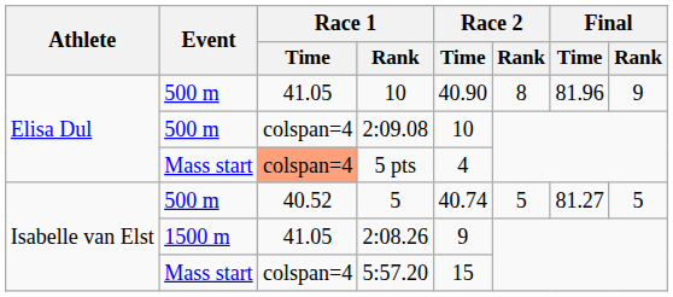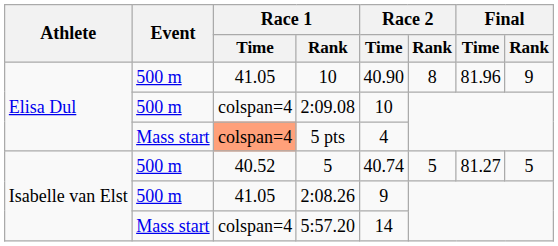 <table class="wikitable" style="font-size:90%">
 <tr>
 <th rowspan=2>Athlete</th>
 <th rowspan=2>Event</th>
 <th colspan=2>Race 1</th>
 <th colspan=2>Race 2</th>
 <th colspan=2>Final</th>
 </tr>
 <tr style="font-size:95%">
 <th>Time</th>
 <th>Rank</th>
 <th>Time</th>
 <th>Rank</th>
 <th>Time</th>
 <th>Rank</th>
 </tr>
 <tr align=center>
 <td align=left rowspan=3><a href='#'>Elisa Dul</a></td>
 <td align=left><a href='#'>500 m</a></td>
 <td>41.05</td>
 <td>10</td>
 <td>40.90</td>
 <td>8</td>
 <td>81.96</td>
 <td>9</td>
 </tr>
 <tr align=center>
 <td align=left><a href='#'>500 m</a></td>
 <td>colspan=4 </td>
 <td>2:09.08</td>
 <td>10</td>
 </tr>
 <tr align=center>
 <td align=left><a href='#'>Mass start</a></td>
 <td style="background: lightsalmon;">colspan=4 </td>
 <td>5 pts</td>
 <td>4</td>
 </tr>
 <tr align=center>
 <td align=left rowspan=3>Isabelle van Elst</td>
 <td align=left><a href='#'>500 m</a></td>
 <td>40.52</td>
 <td>5</td>
 <td>40.74</td>
 <td>5</td>
 <td>81.27</td>
 <td>5</td>
 </tr>
 <tr align=center>
-<td align=left><a href='#'>1500 m</a></td>
+<td align=left><a href='#'>500 m</a></td>
 <td>41.05</td>
 <td>2:08.26</td>
 <td>9</td>
 </tr>
 <tr align=center>
 <td align=left><a href='#'>Mass start</a></td>
 <td>colspan=4 </td>
 <td>5:57.20</td>
-<td>15</td>
+<td>14</td>
 </tr>
 </table>
